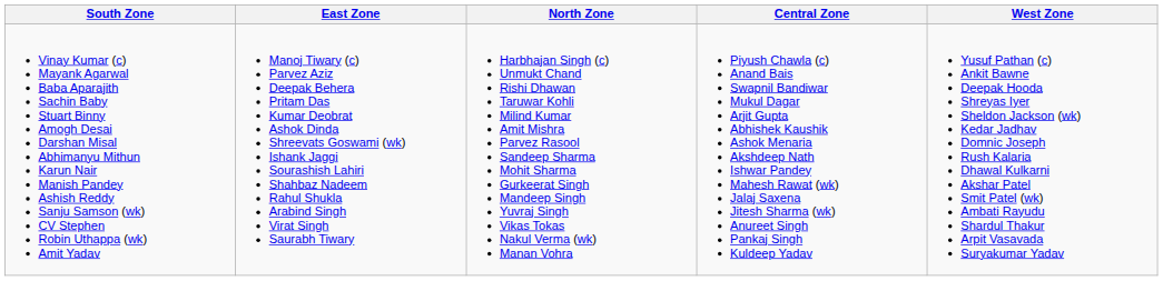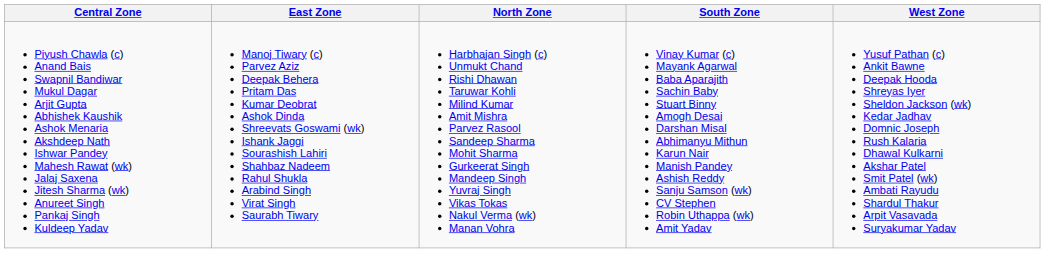 <table class="wikitable">
 <tr>
-<th style="width:15%;"><a href='#'>South Zone</a></th>
+<th style="width:15%;"><a href='#'>Central Zone</a></th>
 <th style="width:15%;"><a href='#'>East Zone</a></th>
 <th style="width:15%;"><a href='#'>North Zone</a></th>
-<th style="width:15%;"><a href='#'>Central Zone</a></th>
+<th style="width:15%;"><a href='#'>South Zone</a></th>
 <th style="width:15%;"><a href='#'>West Zone</a></th>
 </tr>
 <tr style="vertical-align:top">
-<td><br><ul><li><a href='#'>Vinay Kumar</a> (<a href='#'>c</a>)</li><li><a href='#'>Mayank Agarwal</a></li><li><a href='#'>Baba Aparajith</a></li><li><a href='#'>Sachin Baby</a></li><li><a href='#'>Stuart Binny</a></li><li><a href='#'>Amogh Desai</a></li><li><a href='#'>Darshan Misal</a></li><li><a href='#'>Abhimanyu Mithun</a></li><li><a href='#'>Karun Nair</a></li><li><a href='#'>Manish Pandey</a></li><li><a href='#'>Ashish Reddy</a></li><li><a href='#'>Sanju Samson</a> (<a href='#'>wk</a>)</li><li><a href='#'>CV Stephen</a></li><li><a href='#'>Robin Uthappa</a> (<a href='#'>wk</a>)</li><li><a href='#'>Amit Yadav</a></li></ul></td>
+<td><br><ul><li><a href='#'>Piyush Chawla</a> (<a href='#'>c</a>)</li><li><a href='#'>Anand Bais</a></li><li><a href='#'>Swapnil Bandiwar</a></li><li><a href='#'>Mukul Dagar</a></li><li><a href='#'>Arjit Gupta</a></li><li><a href='#'>Abhishek Kaushik</a></li><li><a href='#'>Ashok Menaria</a></li><li><a href='#'>Akshdeep Nath</a></li><li><a href='#'>Ishwar Pandey</a></li><li><a href='#'>Mahesh Rawat</a> (<a href='#'>wk</a>)</li><li><a href='#'>Jalaj Saxena</a></li><li><a href='#'>Jitesh Sharma</a> (<a href='#'>wk</a>)</li><li><a href='#'>Anureet Singh</a></li><li><a href='#'>Pankaj Singh</a></li><li><a href='#'>Kuldeep Yadav</a></li></ul></td>
 <td><br><ul><li><a href='#'>Manoj Tiwary</a> (<a href='#'>c</a>)</li><li><a href='#'>Parvez Aziz</a></li><li><a href='#'>Deepak Behera</a></li><li><a href='#'>Pritam Das</a></li><li><a href='#'>Kumar Deobrat</a></li><li><a href='#'>Ashok Dinda</a></li><li><a href='#'>Shreevats Goswami</a> (<a href='#'>wk</a>)</li><li><a href='#'>Ishank Jaggi</a></li><li><a href='#'>Sourashish Lahiri</a></li><li><a href='#'>Shahbaz Nadeem</a></li><li><a href='#'>Rahul Shukla</a></li><li><a href='#'>Arabind Singh</a></li><li><a href='#'>Virat Singh</a></li><li><a href='#'>Saurabh Tiwary</a></li></ul></td>
 <td><br><ul><li><a href='#'>Harbhajan Singh</a> (<a href='#'>c</a>)</li><li><a href='#'>Unmukt Chand</a></li><li><a href='#'>Rishi Dhawan</a></li><li><a href='#'>Taruwar Kohli</a></li><li><a href='#'>Milind Kumar</a></li><li><a href='#'>Amit Mishra</a></li><li><a href='#'>Parvez Rasool</a></li><li><a href='#'>Sandeep Sharma</a></li><li><a href='#'>Mohit Sharma</a></li><li><a href='#'>Gurkeerat Singh</a></li><li><a href='#'>Mandeep Singh</a></li><li><a href='#'>Yuvraj Singh</a></li><li><a href='#'>Vikas Tokas</a></li><li><a href='#'>Nakul Verma</a> (<a href='#'>wk</a>)</li><li><a href='#'>Manan Vohra</a></li></ul></td>
-<td><br><ul><li><a href='#'>Piyush Chawla</a> (<a href='#'>c</a>)</li><li><a href='#'>Anand Bais</a></li><li><a href='#'>Swapnil Bandiwar</a></li><li><a href='#'>Mukul Dagar</a></li><li><a href='#'>Arjit Gupta</a></li><li><a href='#'>Abhishek Kaushik</a></li><li><a href='#'>Ashok Menaria</a></li><li><a href='#'>Akshdeep Nath</a></li><li><a href='#'>Ishwar Pandey</a></li><li><a href='#'>Mahesh Rawat</a> (<a href='#'>wk</a>)</li><li><a href='#'>Jalaj Saxena</a></li><li><a href='#'>Jitesh Sharma</a> (<a href='#'>wk</a>)</li><li><a href='#'>Anureet Singh</a></li><li><a href='#'>Pankaj Singh</a></li><li><a href='#'>Kuldeep Yadav</a></li></ul></td>
+<td><br><ul><li><a href='#'>Vinay Kumar</a> (<a href='#'>c</a>)</li><li><a href='#'>Mayank Agarwal</a></li><li><a href='#'>Baba Aparajith</a></li><li><a href='#'>Sachin Baby</a></li><li><a href='#'>Stuart Binny</a></li><li><a href='#'>Amogh Desai</a></li><li><a href='#'>Darshan Misal</a></li><li><a href='#'>Abhimanyu Mithun</a></li><li><a href='#'>Karun Nair</a></li><li><a href='#'>Manish Pandey</a></li><li><a href='#'>Ashish Reddy</a></li><li><a href='#'>Sanju Samson</a> (<a href='#'>wk</a>)</li><li><a href='#'>CV Stephen</a></li><li><a href='#'>Robin Uthappa</a> (<a href='#'>wk</a>)</li><li><a href='#'>Amit Yadav</a></li></ul></td>
 <td><br><ul><li><a href='#'>Yusuf Pathan</a> (<a href='#'>c</a>)</li><li><a href='#'>Ankit Bawne</a></li><li><a href='#'>Deepak Hooda</a></li><li><a href='#'>Shreyas Iyer</a></li><li><a href='#'>Sheldon Jackson</a> (<a href='#'>wk</a>)</li><li><a href='#'>Kedar Jadhav</a></li><li><a href='#'>Domnic Joseph</a></li><li><a href='#'>Rush Kalaria</a></li><li><a href='#'>Dhawal Kulkarni</a></li><li><a href='#'>Akshar Patel</a></li><li><a href='#'>Smit Patel</a> (<a href='#'>wk</a>)</li><li><a href='#'>Ambati Rayudu</a></li><li><a href='#'>Shardul Thakur</a></li><li><a href='#'>Arpit Vasavada</a></li><li><a href='#'>Suryakumar Yadav</a></li></ul></td>
 </tr>
 </table>
